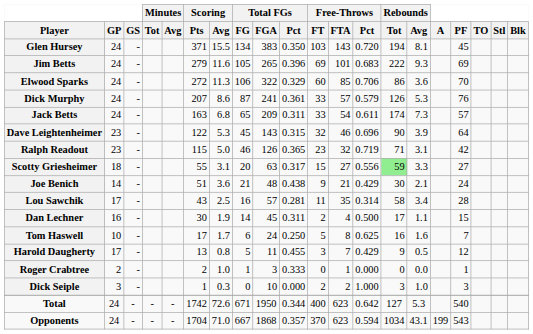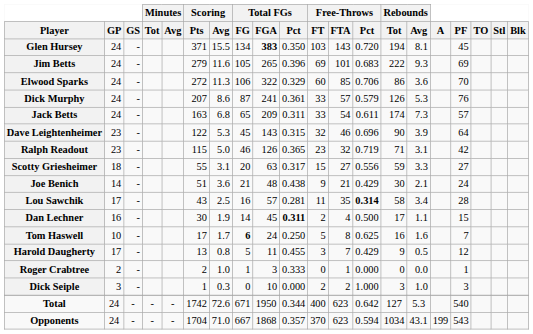 <table class="wikitable sortable" border="1" style="font-size:90%;">
 <tr>
 <th colspan="3" style="border-top-style:hidden; border-left-style:hidden; background: white;"></th>
 <th colspan="2" style=>Minutes</th>
 <th colspan="2" style=>Scoring</th>
 <th colspan="3" style=>Total FGs</th>
 <th colspan="3" style=>Free-Throws</th>
 <th colspan="2" style=>Rebounds</th>
 <th colspan="5" style="border-top-style:hidden; border-right-style:hidden; background: white;"></th>
 </tr>
 <tr>
 <th scope="col" style=>Player</th>
 <th scope="col" style=>GP</th>
 <th scope="col" style=>GS</th>
 <th scope="col" style=>Tot</th>
 <th scope="col" style=>Avg</th>
 <th scope="col" style=>Pts</th>
 <th scope="col" style=>Avg</th>
 <th scope="col" style=>FG</th>
 <th scope="col" style=>FGA</th>
 <th scope="col" style=>Pct</th>
 <th scope="col" style=>FT</th>
 <th scope="col" style=>FTA</th>
 <th scope="col" style=>Pct</th>
 <th scope="col" style=>Tot</th>
 <th scope="col" style=>Avg</th>
 <th scope="col" style=>A</th>
 <th scope="col" style=>PF</th>
 <th scope="col" style=>TO</th>
 <th scope="col" style=>Stl</th>
 <th scope="col" style=>Blk</th>
 </tr>
 <tr>
 <th>Glen Hursey</th>
 <td align="right">24</td>
 <td align="right">-</td>
 <td align="right"></td>
 <td align="right"></td>
 <td align="right">371</td>
 <td align="right">15.5</td>
 <td align="right">134</td>
-<td align="right">383</td>
+<td align="right"><strong>383</strong></td>
 <td align="right">0.350</td>
 <td align="right">103</td>
 <td align="right">143</td>
 <td align="right">0.720</td>
 <td align="right">194</td>
 <td align="right">8.1</td>
 <td align="right"></td>
 <td align="right">45</td>
 <td align="right"></td>
 <td align="right"></td>
 <td align="right"></td>
 </tr>
 <tr>
 <th>Jim Betts</th>
 <td align="right">24</td>
 <td align="right">-</td>
 <td align="right"></td>
 <td align="right"></td>
 <td align="right">279</td>
 <td align="right">11.6</td>
 <td align="right">105</td>
 <td align="right">265</td>
 <td align="right">0.396</td>
 <td align="right">69</td>
 <td align="right">101</td>
 <td align="right">0.683</td>
 <td align="right">222</td>
 <td align="right">9.3</td>
 <td align="right"></td>
 <td align="right">69</td>
 <td align="right"></td>
 <td align="right"></td>
 <td align="right"></td>
 </tr>
 <tr>
 <th>Elwood Sparks</th>
 <td align="right">24</td>
 <td align="right">-</td>
 <td align="right"></td>
 <td align="right"></td>
 <td align="right">272</td>
 <td align="right">11.3</td>
 <td align="right">106</td>
 <td align="right">322</td>
 <td align="right">0.329</td>
 <td align="right">60</td>
 <td align="right">85</td>
 <td align="right">0.706</td>
 <td align="right">86</td>
 <td align="right">3.6</td>
 <td align="right"></td>
 <td align="right">70</td>
 <td align="right"></td>
 <td align="right"></td>
 <td align="right"></td>
 </tr>
 <tr>
 <th>Dick Murphy</th>
 <td align="right">24</td>
 <td align="right">-</td>
 <td align="right"></td>
 <td align="right"></td>
 <td align="right">207</td>
 <td align="right">8.6</td>
 <td align="right">87</td>
 <td align="right">241</td>
 <td align="right">0.361</td>
 <td align="right">33</td>
 <td align="right">57</td>
 <td align="right">0.579</td>
 <td align="right">126</td>
 <td align="right">5.3</td>
 <td align="right"></td>
 <td align="right">76</td>
 <td align="right"></td>
 <td align="right"></td>
 <td align="right"></td>
 </tr>
 <tr>
 <th>Jack Betts</th>
 <td align="right">24</td>
 <td align="right">-</td>
 <td align="right"></td>
 <td align="right"></td>
 <td align="right">163</td>
 <td align="right">6.8</td>
 <td align="right">65</td>
 <td align="right">209</td>
 <td align="right">0.311</td>
 <td align="right">33</td>
 <td align="right">54</td>
 <td align="right">0.611</td>
 <td align="right">174</td>
 <td align="right">7.3</td>
 <td align="right"></td>
 <td align="right">57</td>
 <td align="right"></td>
 <td align="right"></td>
 <td align="right"></td>
 </tr>
 <tr>
 <th>Dave Leightenheimer</th>
 <td align="right">23</td>
 <td align="right">-</td>
 <td align="right"></td>
 <td align="right"></td>
 <td align="right">122</td>
 <td align="right">5.3</td>
 <td align="right">45</td>
 <td align="right">143</td>
 <td align="right">0.315</td>
 <td align="right">32</td>
 <td align="right">46</td>
 <td align="right">0.696</td>
 <td align="right">90</td>
 <td align="right">3.9</td>
 <td align="right"></td>
 <td align="right">64</td>
 <td align="right"></td>
 <td align="right"></td>
 <td align="right"></td>
 </tr>
 <tr>
 <th>Ralph Readout</th>
 <td align="right">23</td>
 <td align="right">-</td>
 <td align="right"></td>
 <td align="right"></td>
 <td align="right">115</td>
 <td align="right">5.0</td>
 <td align="right">46</td>
 <td align="right">126</td>
 <td align="right">0.365</td>
 <td align="right">23</td>
 <td align="right">32</td>
 <td align="right">0.719</td>
 <td align="right">71</td>
 <td align="right">3.1</td>
 <td align="right"></td>
 <td align="right">42</td>
 <td align="right"></td>
 <td align="right"></td>
 <td align="right"></td>
 </tr>
 <tr>
 <th>Scotty Griesheimer</th>
 <td align="right">18</td>
 <td align="right">-</td>
 <td align="right"></td>
 <td align="right"></td>
 <td align="right">55</td>
 <td align="right">3.1</td>
 <td align="right">20</td>
 <td align="right">63</td>
 <td align="right">0.317</td>
 <td align="right">15</td>
 <td align="right">27</td>
 <td align="right">0.556</td>
-<td align="right" style="background: lightgreen;">59</td>
+<td align="right">59</td>
 <td align="right">3.3</td>
 <td align="right"></td>
 <td align="right">27</td>
 <td align="right"></td>
 <td align="right"></td>
 <td align="right"></td>
 </tr>
 <tr>
 <th>Joe Benich</th>
 <td align="right">14</td>
 <td align="right">-</td>
 <td align="right"></td>
 <td align="right"></td>
 <td align="right">51</td>
 <td align="right">3.6</td>
 <td align="right">21</td>
 <td align="right">48</td>
 <td align="right">0.438</td>
 <td align="right">9</td>
 <td align="right">21</td>
 <td align="right">0.429</td>
 <td align="right">30</td>
 <td align="right">2.1</td>
 <td align="right"></td>
 <td align="right">24</td>
 <td align="right"></td>
 <td align="right"></td>
 <td align="right"></td>
 </tr>
 <tr>
 <th>Lou Sawchik</th>
 <td align="right">17</td>
 <td align="right">-</td>
 <td align="right"></td>
 <td align="right"></td>
 <td align="right">43</td>
 <td align="right">2.5</td>
 <td align="right">16</td>
 <td align="right">57</td>
 <td align="right">0.281</td>
 <td align="right">11</td>
 <td align="right">35</td>
-<td align="right">0.314</td>
+<td align="right"><strong>0.314</strong></td>
 <td align="right">58</td>
 <td align="right">3.4</td>
 <td align="right"></td>
 <td align="right">28</td>
 <td align="right"></td>
 <td align="right"></td>
 <td align="right"></td>
 </tr>
 <tr>
 <th>Dan Lechner</th>
 <td align="right">16</td>
 <td align="right">-</td>
 <td align="right"></td>
 <td align="right"></td>
 <td align="right">30</td>
 <td align="right">1.9</td>
 <td align="right">14</td>
 <td align="right">45</td>
-<td align="right">0.311</td>
+<td align="right"><strong>0.311</strong></td>
 <td align="right">2</td>
 <td align="right">4</td>
 <td align="right">0.500</td>
 <td align="right">17</td>
 <td align="right">1.1</td>
 <td align="right"></td>
 <td align="right">15</td>
 <td align="right"></td>
 <td align="right"></td>
 <td align="right"></td>
 </tr>
 <tr>
 <th>Tom Haswell</th>
 <td align="right">10</td>
 <td align="right">-</td>
 <td align="right"></td>
 <td align="right"></td>
 <td align="right">17</td>
 <td align="right">1.7</td>
-<td align="right">6</td>
+<td align="right"><strong>6</strong></td>
 <td align="right">24</td>
 <td align="right">0.250</td>
 <td align="right">5</td>
 <td align="right">8</td>
 <td align="right">0.625</td>
 <td align="right">16</td>
 <td align="right">1.6</td>
 <td align="right"></td>
 <td align="right">7</td>
 <td align="right"></td>
 <td align="right"></td>
 <td align="right"></td>
 </tr>
 <tr>
 <th>Harold Daugherty</th>
 <td align="right">17</td>
 <td align="right">-</td>
 <td align="right"></td>
 <td align="right"></td>
 <td align="right">13</td>
 <td align="right">0.8</td>
 <td align="right">5</td>
 <td align="right">11</td>
 <td align="right">0.455</td>
 <td align="right">3</td>
 <td align="right">7</td>
 <td align="right">0.429</td>
 <td align="right">9</td>
 <td align="right">0.5</td>
 <td align="right"></td>
 <td align="right">12</td>
 <td align="right"></td>
 <td align="right"></td>
 <td align="right"></td>
 </tr>
 <tr>
 <th>Roger Crabtree</th>
 <td align="right">2</td>
 <td align="right">-</td>
 <td align="right"></td>
 <td align="right"></td>
 <td align="right">2</td>
 <td align="right">1.0</td>
 <td align="right">1</td>
 <td align="right">3</td>
 <td align="right">0.333</td>
 <td align="right">0</td>
 <td align="right">1</td>
 <td align="right">0.000</td>
 <td align="right">0</td>
 <td align="right">0.0</td>
 <td align="right"></td>
 <td align="right">1</td>
 <td align="right"></td>
 <td align="right"></td>
 <td align="right"></td>
 </tr>
 <tr>
 <th>Dick Seiple</th>
 <td align="right">3</td>
 <td align="right">-</td>
 <td align="right"></td>
 <td align="right"></td>
 <td align="right">1</td>
 <td align="right">0.3</td>
 <td align="right">0</td>
 <td align="right">10</td>
 <td align="right">0.000</td>
 <td align="right">2</td>
 <td align="right">2</td>
 <td align="right">1.000</td>
 <td align="right">3</td>
 <td align="right">1.0</td>
 <td align="right"></td>
 <td align="right">3</td>
 <td align="right"></td>
 <td align="right"></td>
 <td align="right"></td>
 </tr>
 <tr>
 </tr>
 <tr class="sortbottom">
 <td align="center" style=><strong>Total</strong></td>
 <td align="center" style=>24</td>
 <td align="center" style=>-</td>
 <td align="center" style=>-</td>
 <td align="center" style=>-</td>
 <td align="center" style=>1742</td>
 <td align="center" style=>72.6</td>
 <td align="center" style=>671</td>
 <td align="center" style=>1950</td>
 <td align="center" style=>0.344</td>
 <td align="center" style=>400</td>
 <td align="center" style=>623</td>
 <td align="center" style=>0.642</td>
 <td align="center" style=>127</td>
 <td align="center" style=>5.3</td>
 <td align="center" style=></td>
 <td align="center" style=>540</td>
 <td align="center" style=></td>
 <td align="center" style=></td>
 <td align="center" style=></td>
 </tr>
 <tr class="sortbottom">
 <td align="center"><strong>Opponents</strong></td>
 <td align="center">24</td>
 <td align="center">-</td>
 <td align="center">-</td>
 <td align="center">-</td>
 <td align="center">1704</td>
 <td align="center">71.0</td>
 <td align="center">667</td>
 <td align="center">1868</td>
 <td align="center">0.357</td>
 <td align="center">370</td>
 <td align="center">623</td>
 <td align="center">0.594</td>
 <td align="center">1034</td>
 <td align="center">43.1</td>
 <td align="center">199</td>
 <td align="center">543</td>
 <td align="center"></td>
 <td align="center"></td>
 <td align="center"></td>
 </tr>
 </table>
